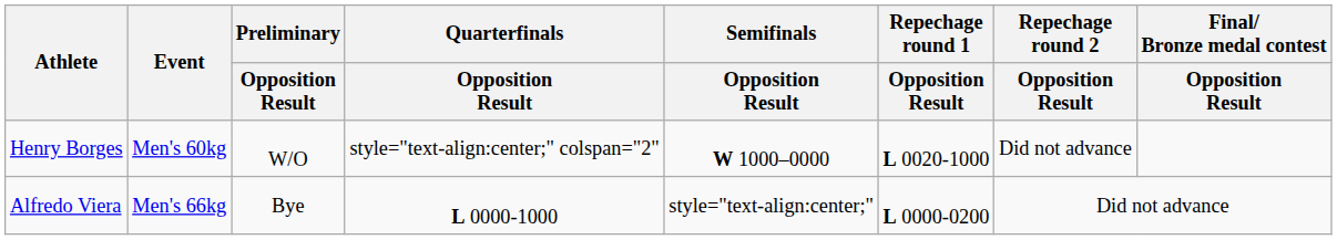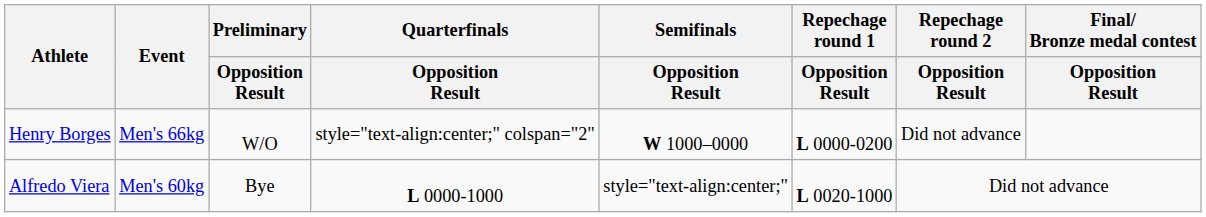 <table class=wikitable style="font-size:90%">
 <tr>
 <th rowspan="2">Athlete</th>
 <th rowspan="2">Event</th>
 <th>Preliminary</th>
 <th>Quarterfinals</th>
 <th>Semifinals</th>
 <th>Repechage <br>round 1</th>
 <th>Repechage <br>round 2</th>
 <th>Final/<br>Bronze medal contest</th>
 </tr>
 <tr>
 <th>Opposition<br>Result</th>
 <th>Opposition<br>Result</th>
 <th>Opposition<br>Result</th>
 <th>Opposition<br>Result</th>
 <th>Opposition<br>Result</th>
 <th>Opposition<br>Result</th>
 </tr>
 <tr>
 <td><a href='#'>Henry Borges</a></td>
-<td style="text-align:center;"><a href='#'>Men's 60kg</a></td>
+<td style="text-align:center;"><a href='#'>Men's 66kg</a></td>
 <td style="text-align:center;"><br> W/O</td>
 <td>style="text-align:center;" colspan="2" </td>
 <td style="text-align:center;"><br> <strong>W</strong> 1000–0000</td>
-<td style="text-align:center;"><br> <strong>L</strong> 0020-1000</td>
+<td style="text-align:center;"><br> <strong>L</strong> 0000-0200</td>
 <td style="text-align:center;">Did not advance</td>
 </tr>
 <tr>
 <td><a href='#'>Alfredo Viera</a></td>
-<td style="text-align:center;"><a href='#'>Men's 66kg</a></td>
+<td style="text-align:center;"><a href='#'>Men's 60kg</a></td>
 <td style="text-align:center;">Bye</td>
 <td style="text-align:center;"><br> <strong>L</strong> 0000-1000</td>
 <td>style="text-align:center;" </td>
-<td style="text-align:center;"><br> <strong>L</strong> 0000-0200</td>
+<td style="text-align:center;"><br> <strong>L</strong> 0020-1000</td>
 <td style="text-align:center;" colspan="2">Did not advance</td>
 </tr>
 </table>
